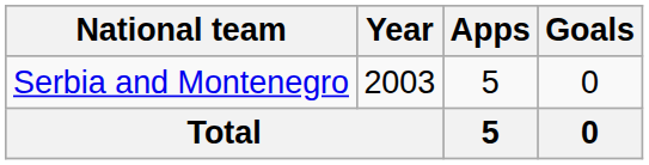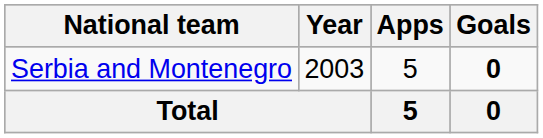 <table class="wikitable" style="text-align:center">
 <tr>
 <th>National team</th>
 <th>Year</th>
 <th>Apps</th>
 <th>Goals</th>
 </tr>
 <tr>
 <td><a href='#'>Serbia and Montenegro</a></td>
 <td>2003</td>
 <td>5</td>
-<td>0</td>
+<td><strong>0</strong></td>
 </tr>
 <tr>
 <th colspan="2">Total</th>
 <th>5</th>
 <th>0</th>
 </tr>
 </table>
